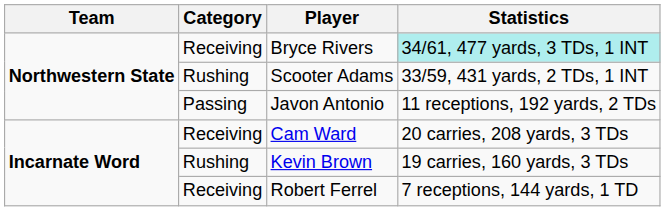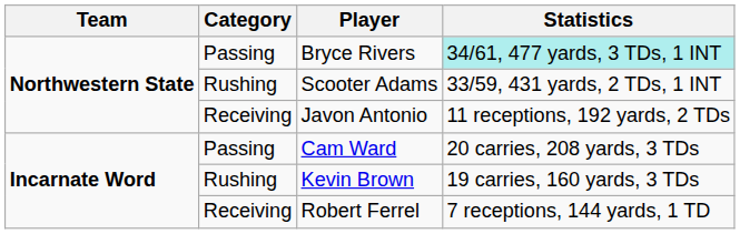 <table class="wikitable" style="float: left;">
 <tr>
 <th>Team</th>
 <th>Category</th>
 <th>Player</th>
 <th>Statistics</th>
 </tr>
 <tr>
 <td rowspan=3><strong>Northwestern State</strong></td>
-<td>Receiving</td>
+<td>Passing</td>
 <td>Bryce Rivers</td>
 <td style="background: paleturquoise;">34/61, 477 yards, 3 TDs, 1 INT</td>
 </tr>
 <tr>
 <td>Rushing</td>
 <td>Scooter Adams</td>
 <td>33/59, 431 yards, 2 TDs, 1 INT</td>
 </tr>
 <tr>
-<td>Passing</td>
+<td>Receiving</td>
 <td>Javon Antonio</td>
 <td>11 receptions, 192 yards, 2 TDs</td>
 </tr>
 <tr>
 <td rowspan=3><strong>Incarnate Word</strong></td>
-<td>Receiving</td>
+<td>Passing</td>
 <td><a href='#'>Cam Ward</a></td>
 <td>20 carries, 208 yards, 3 TDs</td>
 </tr>
 <tr>
 <td>Rushing</td>
 <td><a href='#'>Kevin Brown</a></td>
 <td>19 carries, 160 yards, 3 TDs</td>
 </tr>
 <tr>
 <td>Receiving</td>
 <td>Robert Ferrel</td>
 <td>7 receptions, 144 yards, 1 TD</td>
 </tr>
 </table>
